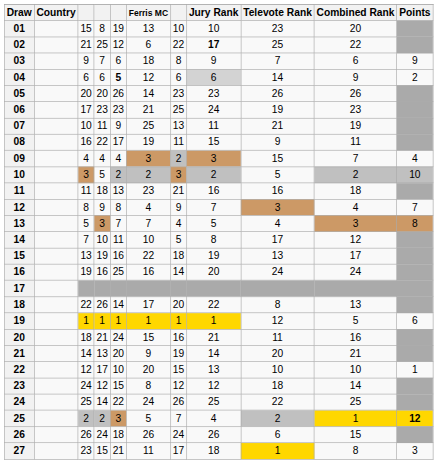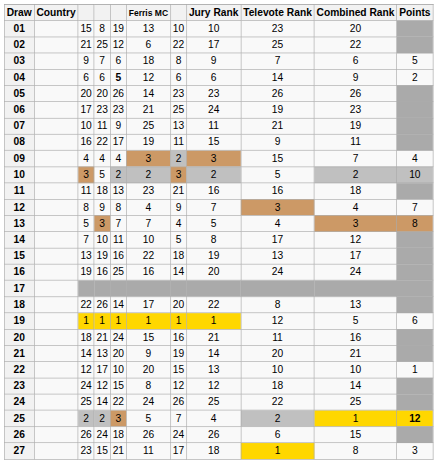 <table class="sortable wikitable collapsible plainrowheaders" style="text-align:center;">
 <tr>
 </tr>
 <tr>
 <th scope="col">Draw</th>
 <th scope="col">Country</th>
 <th scope="col"><small></small></th>
 <th scope="col"><small></small></th>
 <th scope="col"><small></small></th>
 <th scope="col"><small>Ferris MC</small></th>
 <th scope="col"><small></small></th>
 <th scope="col">Jury Rank</th>
 <th scope="col">Televote Rank</th>
 <th scope="col">Combined Rank</th>
 <th scope="col">Points</th>
 </tr>
 <tr>
 <th scope="row" style="text-align:center;">01</th>
 <td style="text-align:left;"></td>
 <td>15</td>
 <td>8</td>
 <td>19</td>
 <td>13</td>
 <td>10</td>
 <td>10</td>
 <td>23</td>
 <td>20</td>
 <td style="background:#AAAAAA;"></td>
 </tr>
 <tr>
 <th scope="row" style="text-align:center;">02</th>
 <td style="text-align:left;"></td>
 <td>21</td>
 <td>25</td>
 <td>12</td>
 <td>6</td>
 <td>22</td>
-<td><strong>17</strong></td>
+<td>17</td>
 <td>25</td>
 <td>22</td>
 <td style="background:#AAAAAA;"></td>
 </tr>
 <tr>
 <th scope="row" style="text-align:center;">03</th>
 <td style="text-align:left;"></td>
 <td>9</td>
 <td>7</td>
 <td>6</td>
 <td>18</td>
 <td>8</td>
 <td>9</td>
 <td>7</td>
 <td>6</td>
-<td>9</td>
+<td>5</td>
 </tr>
 <tr>
 <th scope="row" style="text-align:center;">04</th>
 <td style="text-align:left;"></td>
 <td>6</td>
 <td>6</td>
 <td><strong>5</strong></td>
 <td>12</td>
 <td>6</td>
-<td style="background: lightgrey;">6</td>
+<td>6</td>
 <td>14</td>
 <td>9</td>
 <td>2</td>
 </tr>
 <tr>
 <th scope="row" style="text-align:center;">05</th>
 <td style="text-align:left;"></td>
 <td>20</td>
 <td>20</td>
 <td>26</td>
 <td>14</td>
 <td>23</td>
 <td>23</td>
 <td>26</td>
 <td>26</td>
 <td style="background:#AAAAAA;"></td>
 </tr>
 <tr>
 <th scope="row" style="text-align:center;">06</th>
 <td style="text-align:left;"></td>
 <td>17</td>
 <td>23</td>
 <td>23</td>
 <td>21</td>
 <td>25</td>
 <td>24</td>
 <td>19</td>
 <td>23</td>
 <td style="background:#AAAAAA;"></td>
 </tr>
 <tr>
 <th scope="row" style="text-align:center;">07</th>
 <td style="text-align:left;"></td>
 <td>10</td>
 <td>11</td>
 <td>9</td>
 <td>25</td>
 <td>13</td>
 <td>11</td>
 <td>21</td>
 <td>19</td>
 <td style="background:#AAAAAA;"></td>
 </tr>
 <tr>
 <th scope="row" style="text-align:center;">08</th>
 <td style="text-align:left;"></td>
 <td>16</td>
 <td>22</td>
 <td>17</td>
 <td>19</td>
 <td>11</td>
 <td>15</td>
 <td>9</td>
 <td>11</td>
 <td style="background:#AAAAAA;"></td>
 </tr>
 <tr>
 <th scope="row" style="text-align:center;">09</th>
 <td style="text-align:left;"></td>
 <td>4</td>
 <td>4</td>
 <td>4</td>
 <td style="background:#CC9966;">3</td>
 <td style="background:silver;">2</td>
 <td style="background:#CC9966;">3</td>
 <td>15</td>
 <td>7</td>
 <td>4</td>
 </tr>
 <tr>
 <th scope="row" style="text-align:center;">10</th>
 <td style="text-align:left;"></td>
 <td style="background:#CC9966;">3</td>
 <td>5</td>
 <td style="background:silver;">2</td>
 <td style="background:silver;">2</td>
 <td style="background:#CC9966;">3</td>
 <td style="background:silver;">2</td>
 <td>5</td>
 <td style="background:silver;">2</td>
 <td style="background:silver;">10</td>
 </tr>
 <tr>
 <th scope="row" style="text-align:center;">11</th>
 <td style="text-align:left;"></td>
 <td>11</td>
 <td>18</td>
 <td>13</td>
 <td>23</td>
 <td>21</td>
 <td>16</td>
 <td>16</td>
 <td>18</td>
 <td style="background:#AAAAAA;"></td>
 </tr>
 <tr>
 <th scope="row" style="text-align:center;">12</th>
 <td style="text-align:left;"></td>
 <td>8</td>
 <td>9</td>
 <td>8</td>
 <td>4</td>
 <td>9</td>
 <td>7</td>
 <td style="background:#CC9966;">3</td>
 <td>4</td>
 <td>7</td>
 </tr>
 <tr>
 <th scope="row" style="text-align:center;">13</th>
 <td style="text-align:left;"></td>
 <td>5</td>
 <td style="background:#CC9966;">3</td>
 <td>7</td>
 <td>7</td>
 <td>4</td>
 <td>5</td>
 <td>4</td>
 <td style="background:#CC9966;">3</td>
 <td style="background:#CC9966;">8</td>
 </tr>
 <tr>
 <th scope="row" style="text-align:center;">14</th>
 <td style="text-align:left;"></td>
 <td>7</td>
 <td>10</td>
 <td>11</td>
 <td>10</td>
 <td>5</td>
 <td>8</td>
 <td>17</td>
 <td>12</td>
 <td style="background:#AAAAAA;"></td>
 </tr>
 <tr>
 <th scope="row" style="text-align:center;">15</th>
 <td style="text-align:left;"></td>
 <td>13</td>
 <td>19</td>
 <td>16</td>
 <td>22</td>
 <td>18</td>
 <td>19</td>
 <td>13</td>
 <td>17</td>
 <td style="background:#AAAAAA;"></td>
 </tr>
 <tr>
 <th scope="row" style="text-align:center;">16</th>
 <td style="text-align:left;"></td>
 <td>19</td>
 <td>16</td>
 <td>25</td>
 <td>16</td>
 <td>14</td>
 <td>20</td>
 <td>24</td>
 <td>24</td>
 <td style="background:#AAAAAA;"></td>
 </tr>
 <tr class="sortbottom">
 <th scope="row" style="text-align:center;">17</th>
 <td style="text-align:left;"></td>
 <td style="background:#AAAAAA;"></td>
 <td style="background:#AAAAAA;"></td>
 <td style="background:#AAAAAA;"></td>
 <td style="background:#AAAAAA;"></td>
 <td style="background:#AAAAAA;"></td>
 <td style="background:#AAAAAA;"></td>
 <td style="background:#AAAAAA;"></td>
 <td style="background:#AAAAAA;"></td>
 <td style="background:#AAAAAA;"></td>
 </tr>
 <tr>
 <th scope="row" style="text-align:center;">18</th>
 <td style="text-align:left;"></td>
 <td>22</td>
 <td>26</td>
 <td>14</td>
 <td>17</td>
 <td>20</td>
 <td>22</td>
 <td>8</td>
 <td>13</td>
 <td style="background:#AAAAAA;"></td>
 </tr>
 <tr>
 <th scope="row" style="text-align:center;">19</th>
 <td style="text-align:left;"></td>
 <td style="background:gold;">1</td>
 <td style="background:gold;">1</td>
 <td style="background:gold;">1</td>
 <td style="background:gold;">1</td>
 <td style="background:gold;">1</td>
 <td style="background:gold;">1</td>
 <td>12</td>
 <td>5</td>
 <td>6</td>
 </tr>
 <tr>
 <th scope="row" style="text-align:center;">20</th>
 <td style="text-align:left;"></td>
 <td>18</td>
 <td>21</td>
 <td>24</td>
 <td>15</td>
 <td>16</td>
 <td>21</td>
 <td>11</td>
 <td>16</td>
 <td style="background:#AAAAAA;"></td>
 </tr>
 <tr>
 <th scope="row" style="text-align:center;">21</th>
 <td style="text-align:left;"></td>
 <td>14</td>
 <td>13</td>
 <td>20</td>
 <td>9</td>
 <td>19</td>
 <td>14</td>
 <td>20</td>
 <td>21</td>
 <td style="background:#AAAAAA;"></td>
 </tr>
 <tr>
 <th scope="row" style="text-align:center;">22</th>
 <td style="text-align:left;"></td>
 <td>12</td>
 <td>17</td>
 <td>10</td>
 <td>20</td>
 <td>15</td>
 <td>13</td>
 <td>10</td>
 <td>10</td>
 <td>1</td>
 </tr>
 <tr>
 <th scope="row" style="text-align:center;">23</th>
 <td style="text-align:left;"></td>
 <td>24</td>
 <td>12</td>
 <td>15</td>
 <td>8</td>
 <td>12</td>
 <td>12</td>
 <td>18</td>
 <td>14</td>
 <td style="background:#AAAAAA;"></td>
 </tr>
 <tr>
 <th scope="row" style="text-align:center;">24</th>
 <td style="text-align:left;"></td>
 <td>25</td>
 <td>14</td>
 <td>22</td>
 <td>24</td>
 <td>26</td>
 <td>25</td>
 <td>22</td>
 <td>25</td>
 <td style="background:#AAAAAA;"></td>
 </tr>
 <tr>
 <th scope="row" style="text-align:center;">25</th>
 <td style="text-align:left;"></td>
 <td style="background:silver;">2</td>
 <td style="background:silver;">2</td>
 <td style="background:#CC9966;">3</td>
 <td>5</td>
 <td>7</td>
 <td>4</td>
 <td style="background:silver;">2</td>
 <td style="background:gold;">1</td>
 <td style="background:gold;"><strong>12</strong></td>
 </tr>
 <tr>
 <th scope="row" style="text-align:center;">26</th>
 <td style="text-align:left;"></td>
 <td>26</td>
 <td>24</td>
 <td>18</td>
 <td>26</td>
 <td>24</td>
 <td>26</td>
 <td>6</td>
 <td>15</td>
 <td style="background:#AAAAAA;"></td>
 </tr>
 <tr>
 <th scope="row" style="text-align:center;">27</th>
 <td style="text-align:left;"></td>
 <td>23</td>
 <td>15</td>
 <td>21</td>
 <td>11</td>
 <td>17</td>
 <td>18</td>
 <td style="background:gold;">1</td>
 <td>8</td>
 <td>3</td>
 </tr>
 </table>
